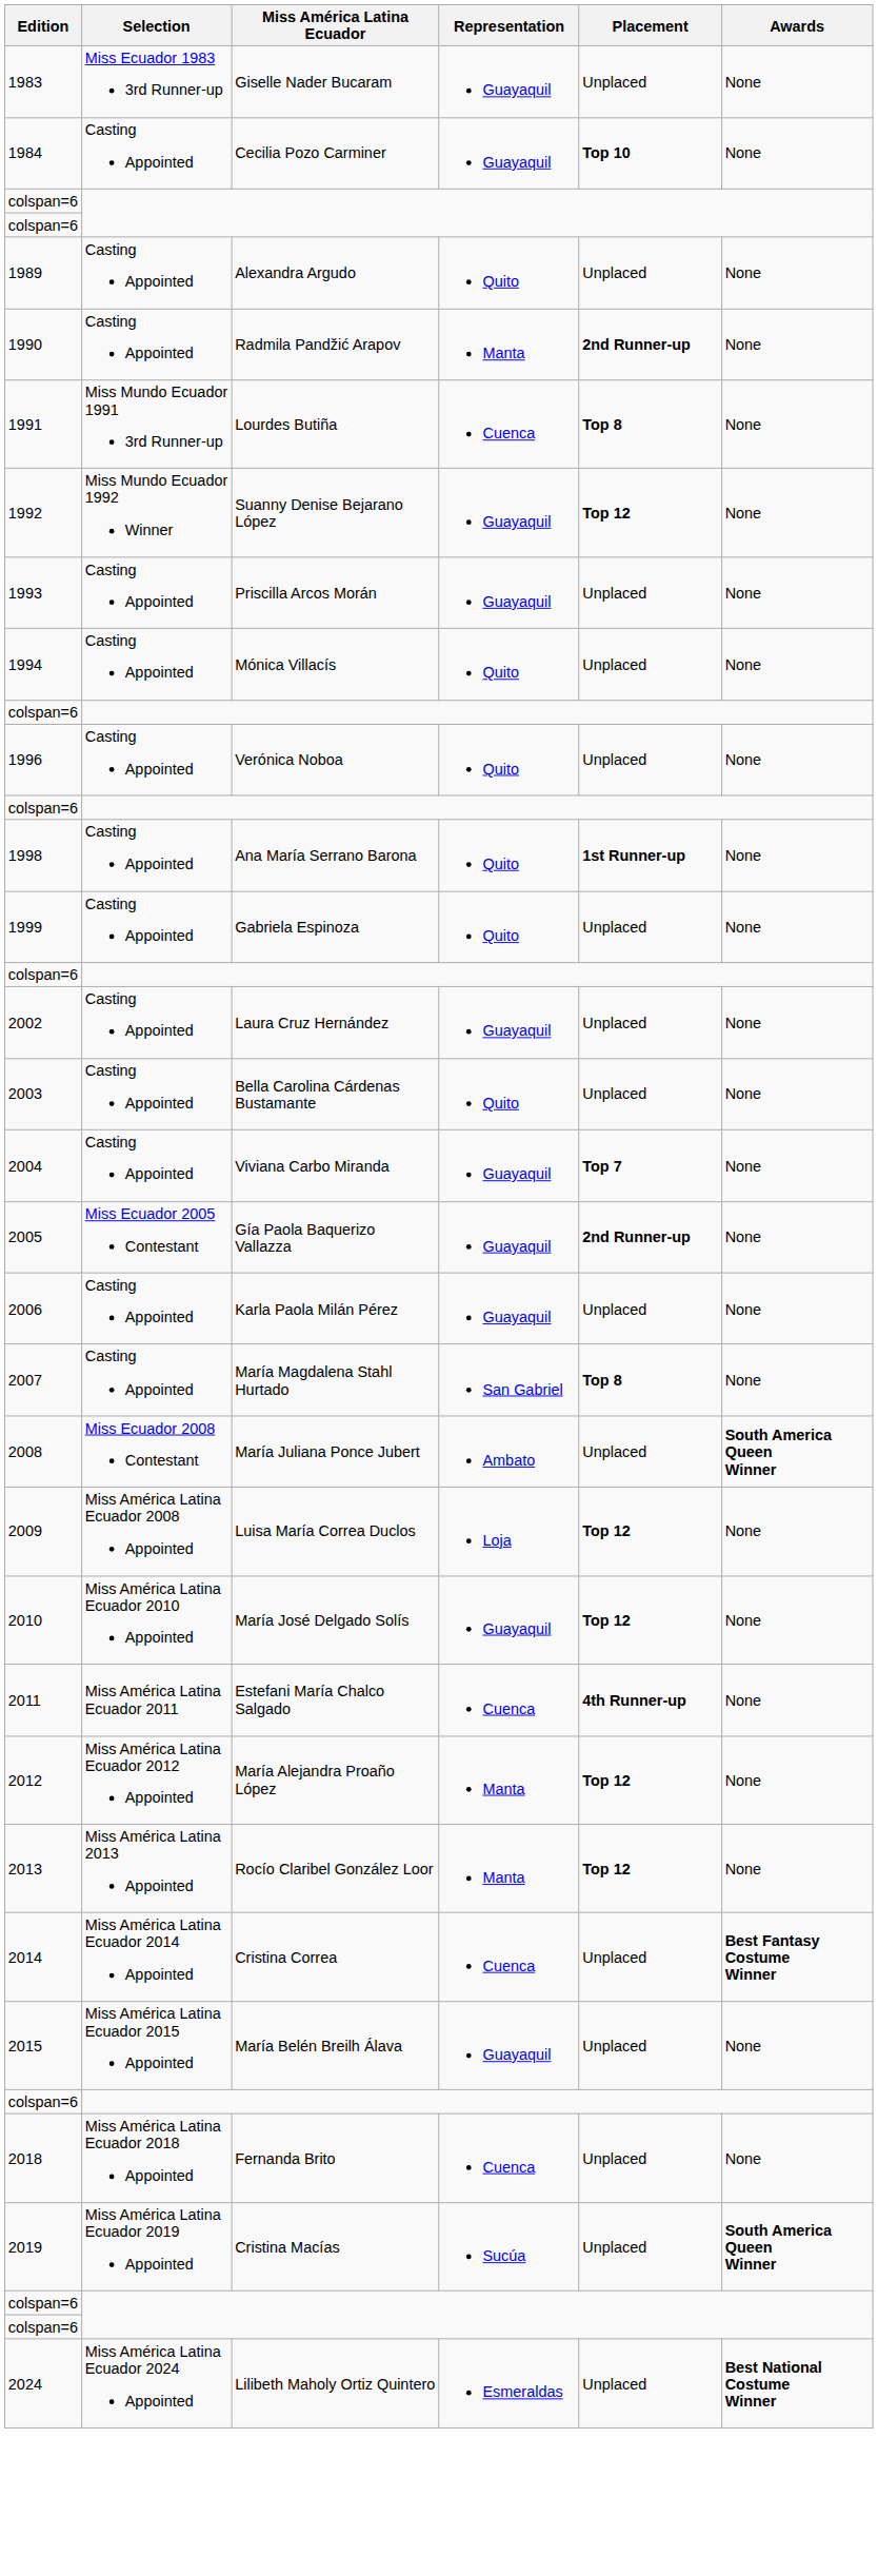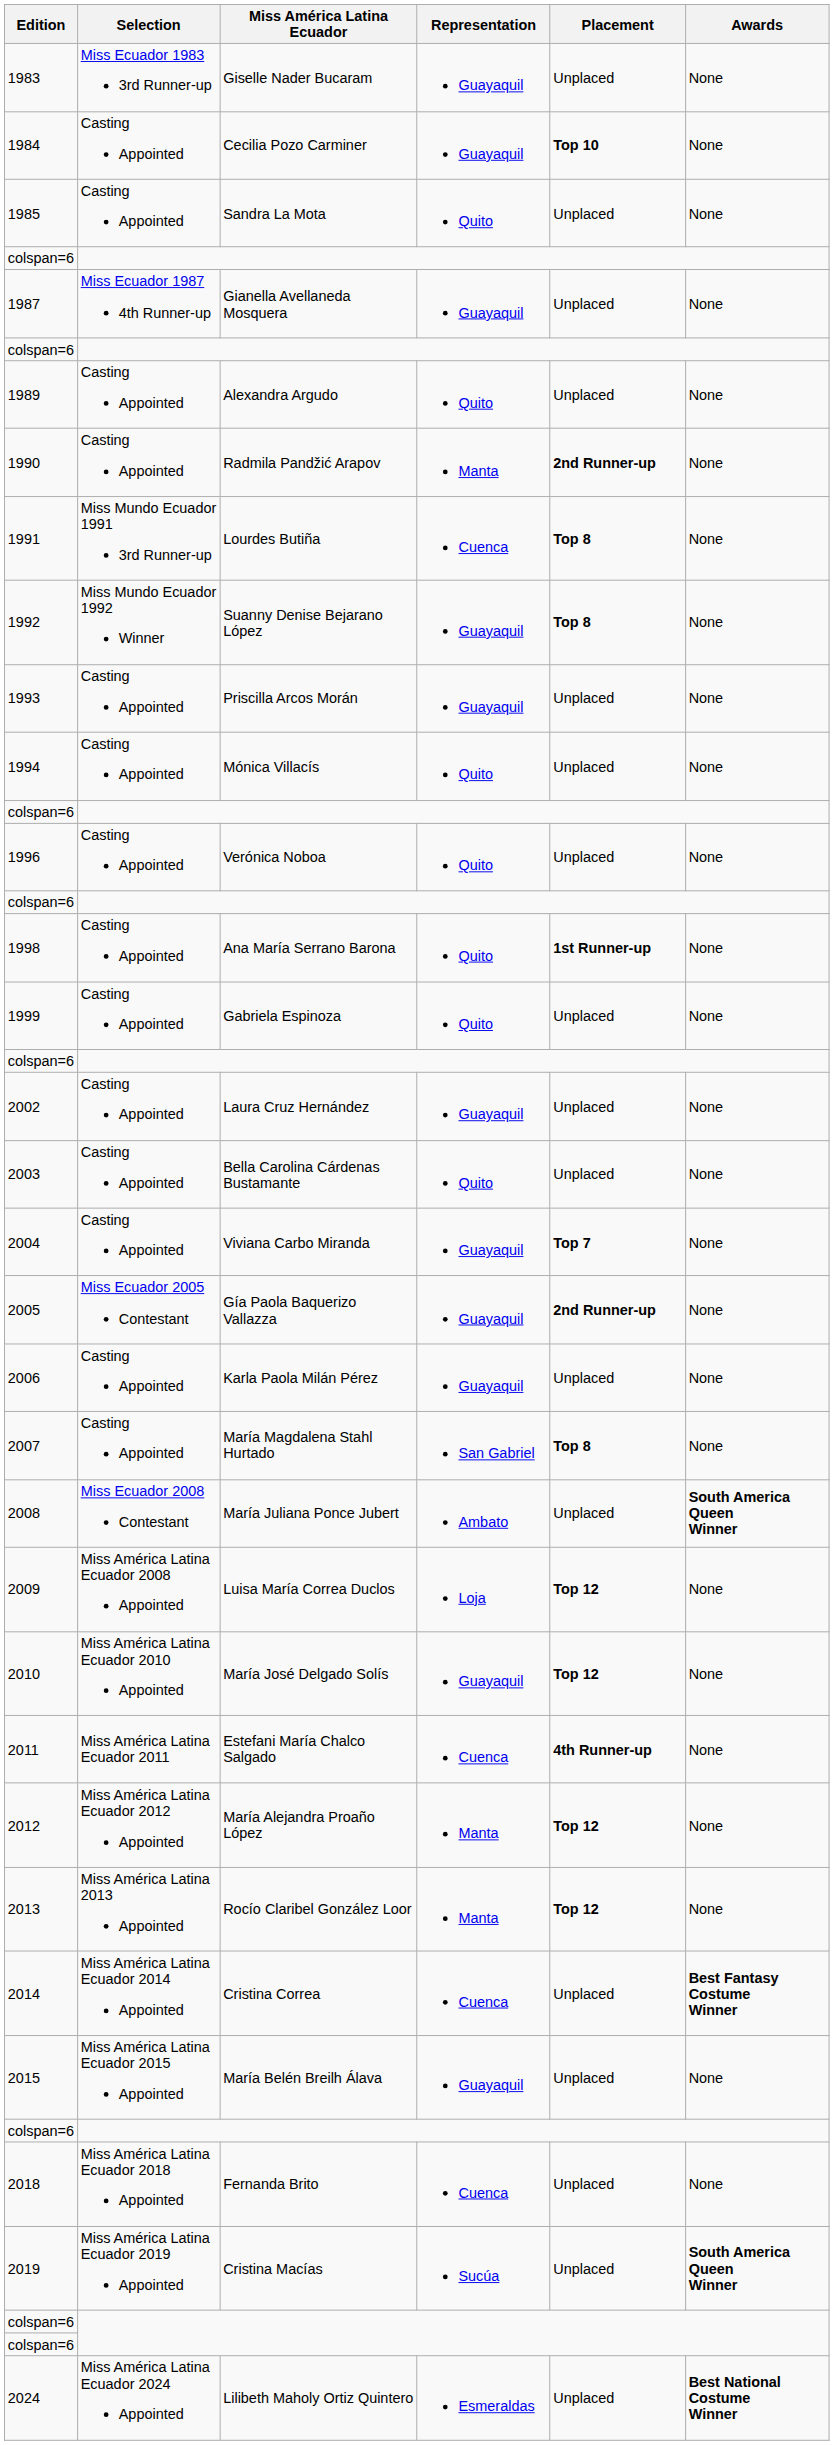 <table class="wikitable sortable" style="font-size: 95%">
 <tr>
 <th width="2">Edition</th>
 <th width="160">Selection</th>
 <th width="270">Miss América Latina Ecuador</th>
 <th width="140">Representation</th>
 <th width="170">Placement</th>
 <th width="190">Awards</th>
 </tr>
 <tr>
 <td>1983</td>
 <td><a href='#'>Miss Ecuador 1983</a><br><ul><li>3rd Runner-up</li></ul></td>
 <td>Giselle Nader Bucaram</td>
 <td><br><ul><li><a href='#'>Guayaquil</a></li></ul></td>
 <td>Unplaced</td>
 <td>None</td>
 </tr>
 <tr>
 <td>1984</td>
 <td>Casting<br><ul><li>Appointed</li></ul></td>
 <td>Cecilia Pozo Carminer</td>
 <td><br><ul><li><a href='#'>Guayaquil</a></li></ul></td>
 <td><strong>Top 10</strong></td>
 <td>None</td>
 </tr>
 <tr>
+<td>1985</td>
+<td>Casting<br><ul><li>Appointed</li></ul></td>
+<td>Sandra La Mota</td>
+<td><br><ul><li><a href='#'>Quito</a></li></ul></td>
+<td>Unplaced</td>
+<td>None</td>
+</tr>
+<tr>
 <td>colspan=6 </td>
+</tr>
+<tr>
+<td>1987</td>
+<td><a href='#'>Miss Ecuador 1987</a><br><ul><li>4th Runner-up</li></ul></td>
+<td>Gianella Avellaneda Mosquera</td>
+<td><br><ul><li><a href='#'>Guayaquil</a></li></ul></td>
+<td>Unplaced</td>
+<td>None</td>
 </tr>
 <tr>
 <td>colspan=6 </td>
 </tr>
 <tr>
 <td>1989</td>
 <td>Casting<br><ul><li>Appointed</li></ul></td>
 <td>Alexandra Argudo</td>
 <td><br><ul><li><a href='#'>Quito</a></li></ul></td>
 <td>Unplaced</td>
 <td>None</td>
 </tr>
 <tr>
 <td>1990</td>
 <td>Casting<br><ul><li>Appointed</li></ul></td>
 <td>Radmila Pandžić Arapov</td>
 <td><br><ul><li><a href='#'>Manta</a></li></ul></td>
 <td><strong>2nd Runner-up</strong></td>
 <td>None</td>
 </tr>
 <tr>
 <td>1991</td>
 <td>Miss Mundo Ecuador 1991<br><ul><li>3rd Runner-up</li></ul></td>
 <td>Lourdes Butiña</td>
 <td><br><ul><li><a href='#'>Cuenca</a></li></ul></td>
 <td><strong>Top 8</strong></td>
 <td>None</td>
 </tr>
 <tr>
 <td>1992</td>
 <td>Miss Mundo Ecuador 1992<br><ul><li>Winner</li></ul></td>
 <td>Suanny Denise Bejarano López</td>
 <td><br><ul><li><a href='#'>Guayaquil</a></li></ul></td>
-<td><strong>Top 12</strong></td>
+<td><strong>Top 8</strong></td>
 <td>None</td>
 </tr>
 <tr>
 <td>1993</td>
 <td>Casting<br><ul><li>Appointed</li></ul></td>
 <td>Priscilla Arcos Morán</td>
 <td><br><ul><li><a href='#'>Guayaquil</a></li></ul></td>
 <td>Unplaced</td>
 <td>None</td>
 </tr>
 <tr>
 <td>1994</td>
 <td>Casting<br><ul><li>Appointed</li></ul></td>
 <td>Mónica Villacís</td>
 <td><br><ul><li><a href='#'>Quito</a></li></ul></td>
 <td>Unplaced</td>
 <td>None</td>
 </tr>
 <tr>
 <td>colspan=6 </td>
 </tr>
 <tr>
 <td>1996</td>
 <td>Casting<br><ul><li>Appointed</li></ul></td>
 <td>Verónica Noboa</td>
 <td><br><ul><li><a href='#'>Quito</a></li></ul></td>
 <td>Unplaced</td>
 <td>None</td>
 </tr>
 <tr>
 <td>colspan=6 </td>
 </tr>
 <tr>
 <td>1998</td>
 <td>Casting<br><ul><li>Appointed</li></ul></td>
 <td>Ana María Serrano Barona</td>
 <td><br><ul><li><a href='#'>Quito</a></li></ul></td>
 <td><strong>1st Runner-up</strong></td>
 <td>None</td>
 </tr>
 <tr>
 <td>1999</td>
 <td>Casting<br><ul><li>Appointed</li></ul></td>
 <td>Gabriela Espinoza</td>
 <td><br><ul><li><a href='#'>Quito</a></li></ul></td>
 <td>Unplaced</td>
 <td>None</td>
 </tr>
 <tr>
 <td>colspan=6 </td>
 </tr>
 <tr>
 <td>2002</td>
 <td>Casting<br><ul><li>Appointed</li></ul></td>
 <td>Laura Cruz Hernández</td>
 <td><br><ul><li><a href='#'>Guayaquil</a></li></ul></td>
 <td>Unplaced</td>
 <td>None</td>
 </tr>
 <tr>
 <td>2003</td>
 <td>Casting<br><ul><li>Appointed</li></ul></td>
 <td>Bella Carolina Cárdenas Bustamante</td>
 <td><br><ul><li><a href='#'>Quito</a></li></ul></td>
 <td>Unplaced</td>
 <td>None</td>
 </tr>
 <tr>
 <td>2004</td>
 <td>Casting<br><ul><li>Appointed</li></ul></td>
 <td>Viviana Carbo Miranda</td>
 <td><br><ul><li><a href='#'>Guayaquil</a></li></ul></td>
 <td><strong>Top 7</strong></td>
 <td>None</td>
 </tr>
 <tr>
 <td>2005</td>
 <td><a href='#'>Miss Ecuador 2005</a><br><ul><li>Contestant</li></ul></td>
 <td>Gía Paola Baquerizo Vallazza</td>
 <td><br><ul><li><a href='#'>Guayaquil</a></li></ul></td>
 <td><strong>2nd Runner-up</strong></td>
 <td>None</td>
 </tr>
 <tr>
 <td>2006</td>
 <td>Casting<br><ul><li>Appointed</li></ul></td>
 <td>Karla Paola Milán Pérez</td>
 <td><br><ul><li><a href='#'>Guayaquil</a></li></ul></td>
 <td>Unplaced</td>
 <td>None</td>
 </tr>
 <tr>
 <td>2007</td>
 <td>Casting<br><ul><li>Appointed</li></ul></td>
 <td>María Magdalena Stahl Hurtado</td>
 <td><br><ul><li><a href='#'>San Gabriel</a></li></ul></td>
 <td><strong>Top 8</strong></td>
 <td>None</td>
 </tr>
 <tr>
 <td>2008</td>
 <td><a href='#'>Miss Ecuador 2008</a><br><ul><li>Contestant</li></ul></td>
 <td>María Juliana Ponce Jubert</td>
 <td><br><ul><li><a href='#'>Ambato</a></li></ul></td>
 <td>Unplaced</td>
 <td><strong>South America Queen<br>Winner</strong></td>
 </tr>
 <tr>
 <td>2009</td>
 <td>Miss América Latina Ecuador 2008<br><ul><li>Appointed</li></ul></td>
 <td>Luisa María Correa Duclos</td>
 <td><br><ul><li><a href='#'>Loja</a></li></ul></td>
 <td><strong>Top 12</strong></td>
 <td>None</td>
 </tr>
 <tr>
 <td>2010</td>
 <td>Miss América Latina Ecuador 2010<br><ul><li>Appointed</li></ul></td>
 <td>María José Delgado Solís</td>
 <td><br><ul><li><a href='#'>Guayaquil</a></li></ul></td>
 <td><strong>Top 12</strong></td>
 <td>None</td>
 </tr>
 <tr>
 <td>2011</td>
 <td>Miss América Latina Ecuador 2011</td>
 <td>Estefani María Chalco Salgado</td>
 <td><br><ul><li><a href='#'>Cuenca</a></li></ul></td>
 <td><strong>4th Runner-up</strong></td>
 <td>None</td>
 </tr>
 <tr>
 <td>2012</td>
 <td>Miss América Latina Ecuador 2012<br><ul><li>Appointed</li></ul></td>
 <td>María Alejandra Proaño López</td>
 <td><br><ul><li><a href='#'>Manta</a></li></ul></td>
 <td><strong>Top 12</strong></td>
 <td>None</td>
 </tr>
 <tr>
 <td>2013</td>
 <td>Miss América Latina 2013<br><ul><li>Appointed</li></ul></td>
 <td>Rocío Claribel González Loor</td>
 <td><br><ul><li><a href='#'>Manta</a></li></ul></td>
 <td><strong>Top 12</strong></td>
 <td>None</td>
 </tr>
 <tr>
 <td>2014</td>
 <td>Miss América Latina Ecuador 2014<br><ul><li>Appointed</li></ul></td>
 <td>Cristina Correa</td>
 <td><br><ul><li><a href='#'>Cuenca</a></li></ul></td>
 <td>Unplaced</td>
 <td><strong>Best Fantasy Costume<br>Winner</strong></td>
 </tr>
 <tr>
 <td>2015</td>
 <td>Miss América Latina Ecuador 2015<br><ul><li>Appointed</li></ul></td>
 <td>María Belén Breilh Álava</td>
 <td><br><ul><li><a href='#'>Guayaquil</a></li></ul></td>
 <td>Unplaced</td>
 <td>None</td>
 </tr>
 <tr>
 <td>colspan=6 </td>
 </tr>
 <tr>
 <td>2018</td>
 <td>Miss América Latina Ecuador 2018<br><ul><li>Appointed</li></ul></td>
 <td>Fernanda Brito</td>
 <td><br><ul><li><a href='#'>Cuenca</a></li></ul></td>
 <td>Unplaced</td>
 <td>None</td>
 </tr>
 <tr>
 <td>2019</td>
 <td>Miss América Latina Ecuador 2019<br><ul><li>Appointed</li></ul></td>
 <td>Cristina Macías</td>
 <td><br><ul><li><a href='#'>Sucúa</a></li></ul></td>
 <td>Unplaced</td>
 <td><strong>South America Queen<br>Winner</strong></td>
 </tr>
 <tr>
 <td>colspan=6 </td>
 </tr>
 <tr>
 <td>colspan=6 </td>
 </tr>
 <tr>
 <td>2024</td>
 <td>Miss América Latina Ecuador 2024<br><ul><li>Appointed</li></ul></td>
 <td>Lilibeth Maholy Ortiz Quintero</td>
 <td><br><ul><li><a href='#'>Esmeraldas</a></li></ul></td>
 <td>Unplaced</td>
 <td><strong>Best National Costume<br>Winner</strong></td>
 </tr>
 </table>
